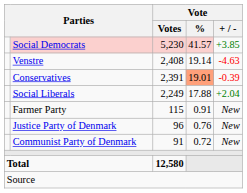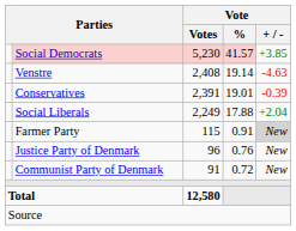 <table class="wikitable" style="text-align:right;">
 <tr>
 <th style="text-align:centre;" rowspan="2" colspan="2" width="225">Parties</th>
 <th colspan="3">Vote</th>
 </tr>
 <tr>
 <th width="15">Votes</th>
 <th width="15">%</th>
 <th width="15">+ / -</th>
 </tr>
 <tr>
 <td width="2" style="color:inherit;background:"></td>
 <td bgcolor=#fbd0ce  align="left"><a href='#'>Social Democrats</a></td>
 <td bgcolor=#fbd0ce>5,230</td>
 <td bgcolor=#fbd0ce>41.57</td>
 <td style=color:green;>+3.85</td>
 </tr>
 <tr>
 <td width="2" style="color:inherit;background:"></td>
 <td align="left"><a href='#'>Venstre</a></td>
 <td>2,408</td>
 <td>19.14</td>
 <td style=color:red;>-4.63</td>
 </tr>
 <tr>
 <td width="2" style="color:inherit;background:"></td>
 <td align="left"><a href='#'>Conservatives</a></td>
 <td>2,391</td>
-<td style="background: lightsalmon;">19.01</td>
+<td>19.01</td>
 <td style=color:red;>-0.39</td>
 </tr>
 <tr>
 <td width="2" style="color:inherit;background:"></td>
 <td align="left"><a href='#'>Social Liberals</a></td>
 <td>2,249</td>
 <td>17.88</td>
 <td style=color:green;>+2.04</td>
 </tr>
 <tr>
 <td width="2" style="color:inherit;background:"></td>
 <td align="left">Farmer Party</td>
 <td>115</td>
 <td>0.91</td>
-<td><em>New</em></td>
+<td style="background: lightgrey;"><em>New</em></td>
 </tr>
 <tr>
 <td width="2" style="color:inherit;background:"></td>
 <td align="left"><a href='#'>Justice Party of Denmark</a></td>
 <td>96</td>
 <td>0.76</td>
 <td><em>New</em></td>
 </tr>
 <tr>
 <td width="2" style="color:inherit;background:"></td>
 <td align="left"><a href='#'>Communist Party of Denmark</a></td>
 <td>91</td>
 <td>0.72</td>
 <td><em>New</em></td>
 </tr>
 <tr>
 <td colspan="7" bgcolor="#E9E9E9"></td>
 </tr>
 <tr>
 <td align="left" colspan="2"><strong>Total</strong></td>
 <td><strong>12,580</strong></td>
 <td bgcolor="#E9E9E9" colspan="2"></td>
 </tr>
 <tr>
 <td align="left" colspan="6">Source</td>
 </tr>
 </table>
